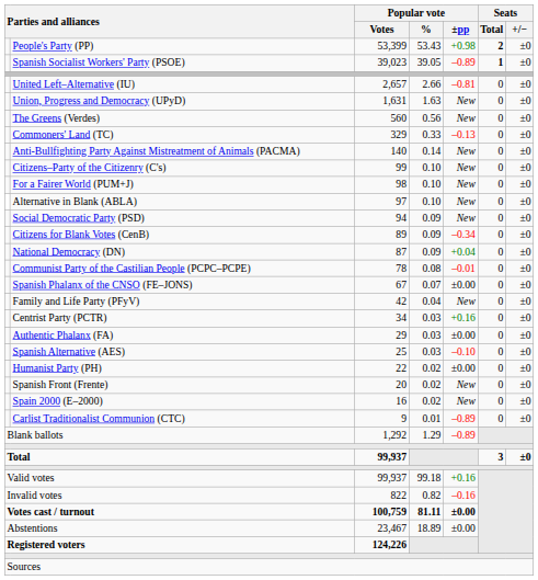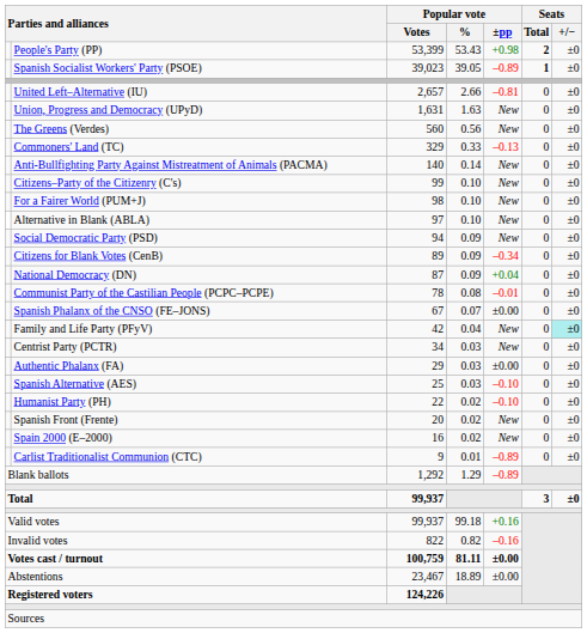 <table class="wikitable" style="text-align:right;">
 <tr>
 <th style="text-align:left;" rowspan="2" colspan="2" width="525">Parties and alliances</th>
 <th colspan="3">Popular vote</th>
 <th colspan="2">Seats</th>
 </tr>
 <tr>
 <th width="75">Votes</th>
 <th width="45">%</th>
 <th width="45">±<a href='#'>pp</a></th>
 <th width="35">Total</th>
 <th width="35">+/−</th>
 </tr>
 <tr>
 <td width="1" style="color:inherit;background:"></td>
 <td align="left"><a href='#'>People's Party</a> (PP)</td>
 <td>53,399</td>
 <td>53.43</td>
 <td style="color:green;">+0.98</td>
 <td><strong>2</strong></td>
 <td>±0</td>
 </tr>
 <tr>
 <td style="color:inherit;background:"></td>
 <td align="left"><a href='#'>Spanish Socialist Workers' Party</a> (PSOE)</td>
 <td>39,023</td>
 <td>39.05</td>
 <td style="color:red;">–0.89</td>
 <td><strong>1</strong></td>
 <td>±0</td>
 </tr>
 <tr>
 <td colspan="7" bgcolor="#C0C0C0"></td>
 </tr>
 <tr>
 <td style="color:inherit;background:"></td>
 <td align="left"><a href='#'>United Left–Alternative</a> (IU)</td>
 <td>2,657</td>
 <td>2.66</td>
 <td style="color:red;">–0.81</td>
 <td>0</td>
 <td>±0</td>
 </tr>
 <tr>
 <td style="color:inherit;background:"></td>
 <td align="left"><a href='#'>Union, Progress and Democracy</a> (UPyD)</td>
 <td>1,631</td>
 <td>1.63</td>
 <td><em>New</em></td>
 <td>0</td>
 <td>±0</td>
 </tr>
 <tr>
 <td style="color:inherit;background:"></td>
 <td align="left"><a href='#'>The Greens</a> (Verdes)</td>
 <td>560</td>
 <td>0.56</td>
 <td><em>New</em></td>
 <td>0</td>
 <td>±0</td>
 </tr>
 <tr>
 <td style="color:inherit;background:"></td>
 <td align="left"><a href='#'>Commoners' Land</a> (TC)</td>
 <td>329</td>
 <td>0.33</td>
 <td style="color:red;">–0.13</td>
 <td>0</td>
 <td>±0</td>
 </tr>
 <tr>
 <td style="color:inherit;background:"></td>
 <td align="left"><a href='#'>Anti-Bullfighting Party Against Mistreatment of Animals</a> (PACMA)</td>
 <td>140</td>
 <td>0.14</td>
 <td><em>New</em></td>
 <td>0</td>
 <td>±0</td>
 </tr>
 <tr>
 <td style="color:inherit;background:"></td>
 <td align="left"><a href='#'>Citizens–Party of the Citizenry</a> (C's)</td>
 <td>99</td>
 <td>0.10</td>
 <td><em>New</em></td>
 <td>0</td>
 <td>±0</td>
 </tr>
 <tr>
 <td style="color:inherit;background:"></td>
 <td align="left"><a href='#'>For a Fairer World</a> (PUM+J)</td>
 <td>98</td>
 <td>0.10</td>
 <td><em>New</em></td>
 <td>0</td>
 <td>±0</td>
 </tr>
 <tr>
 <td bgcolor="white"></td>
 <td align="left">Alternative in Blank (ABLA)</td>
 <td>97</td>
 <td>0.10</td>
 <td><em>New</em></td>
 <td>0</td>
 <td>±0</td>
 </tr>
 <tr>
 <td style="color:inherit;background:"></td>
 <td align="left"><a href='#'>Social Democratic Party</a> (PSD)</td>
 <td>94</td>
 <td>0.09</td>
 <td><em>New</em></td>
 <td>0</td>
 <td>±0</td>
 </tr>
 <tr>
 <td style="color:inherit;background:"></td>
 <td align="left"><a href='#'>Citizens for Blank Votes</a> (CenB)</td>
 <td>89</td>
 <td>0.09</td>
 <td style="color:red;">–0.34</td>
 <td>0</td>
 <td>±0</td>
 </tr>
 <tr>
 <td style="color:inherit;background:"></td>
 <td align="left"><a href='#'>National Democracy</a> (DN)</td>
 <td>87</td>
 <td>0.09</td>
 <td style="color:green;">+0.04</td>
 <td>0</td>
 <td>±0</td>
 </tr>
 <tr>
 <td style="color:inherit;background:"></td>
 <td align="left"><a href='#'>Communist Party of the Castilian People</a> (PCPC–PCPE)</td>
 <td>78</td>
 <td>0.08</td>
 <td style="color:red;">–0.01</td>
 <td>0</td>
 <td>±0</td>
 </tr>
 <tr>
 <td style="color:inherit;background:"></td>
 <td align="left"><a href='#'>Spanish Phalanx of the CNSO</a> (FE–JONS)</td>
 <td>67</td>
 <td>0.07</td>
 <td>±0.00</td>
 <td>0</td>
 <td>±0</td>
 </tr>
 <tr>
 <td style="color:inherit;background:"></td>
 <td align="left">Family and Life Party (PFyV)</td>
 <td>42</td>
 <td>0.04</td>
 <td><em>New</em></td>
 <td>0</td>
-<td>±0</td>
+<td style="background: paleturquoise;">±0</td>
 </tr>
 <tr>
 <td style="color:inherit;background:"></td>
 <td align="left">Centrist Party (PCTR)</td>
 <td>34</td>
 <td>0.03</td>
-<td style="color:green;">+0.16</td>
+<td><em>New</em></td>
 <td>0</td>
 <td>±0</td>
 </tr>
 <tr>
 <td style="color:inherit;background:"></td>
 <td align="left"><a href='#'>Authentic Phalanx</a> (FA)</td>
 <td>29</td>
 <td>0.03</td>
 <td>±0.00</td>
 <td>0</td>
 <td>±0</td>
 </tr>
 <tr>
 <td style="color:inherit;background:"></td>
 <td align="left"><a href='#'>Spanish Alternative</a> (AES)</td>
 <td>25</td>
 <td>0.03</td>
 <td style="color:red;">–0.10</td>
 <td>0</td>
 <td>±0</td>
 </tr>
 <tr>
 <td style="color:inherit;background:"></td>
 <td align="left"><a href='#'>Humanist Party</a> (PH)</td>
 <td>22</td>
 <td>0.02</td>
-<td>±0.00</td>
+<td style="color:red;">–0.10</td>
 <td>0</td>
 <td>±0</td>
 </tr>
 <tr>
 <td style="color:inherit;background:"></td>
 <td align="left">Spanish Front (Frente)</td>
 <td>20</td>
 <td>0.02</td>
 <td><em>New</em></td>
 <td>0</td>
 <td>±0</td>
 </tr>
 <tr>
 <td style="color:inherit;background:"></td>
 <td align="left"><a href='#'>Spain 2000</a> (E–2000)</td>
 <td>16</td>
 <td>0.02</td>
 <td><em>New</em></td>
 <td>0</td>
 <td>±0</td>
 </tr>
 <tr>
 <td style="color:inherit;background:"></td>
 <td align="left"><a href='#'>Carlist Traditionalist Communion</a> (CTC)</td>
 <td>9</td>
 <td>0.01</td>
 <td style="color:red;">–0.89</td>
 <td>0</td>
 <td>±0</td>
 </tr>
 <tr>
 <td align="left" colspan="2">Blank ballots</td>
 <td>1,292</td>
 <td>1.29</td>
 <td style="color:red;">–0.89</td>
 <td bgcolor="#E9E9E9" colspan="2"></td>
 </tr>
 <tr>
 <td colspan="7" bgcolor="#E9E9E9"></td>
 </tr>
 <tr style="font-weight:bold;">
 <td align="left" colspan="2">Total</td>
 <td>99,937</td>
 <td bgcolor="#E9E9E9" colspan="2"></td>
 <td>3</td>
 <td>±0</td>
 </tr>
 <tr>
 <td colspan="7" bgcolor="#E9E9E9"></td>
 </tr>
 <tr>
 <td align="left" colspan="2">Valid votes</td>
 <td>99,937</td>
 <td>99.18</td>
 <td style="color:green;">+0.16</td>
 <td bgcolor="#E9E9E9" colspan="2" rowspan="5"></td>
 </tr>
 <tr>
 <td align="left" colspan="2">Invalid votes</td>
 <td>822</td>
 <td>0.82</td>
 <td style="color:red;">–0.16</td>
 </tr>
 <tr style="font-weight:bold;">
 <td align="left" colspan="2">Votes cast / turnout</td>
 <td>100,759</td>
 <td>81.11</td>
 <td>±0.00</td>
 </tr>
 <tr>
 <td align="left" colspan="2">Abstentions</td>
 <td>23,467</td>
 <td>18.89</td>
 <td>±0.00</td>
 </tr>
 <tr style="font-weight:bold;">
 <td align="left" colspan="2">Registered voters</td>
 <td>124,226</td>
 <td bgcolor="#E9E9E9" colspan="2"></td>
 </tr>
 <tr>
 <td colspan="7" bgcolor="#E9E9E9"></td>
 </tr>
 <tr>
 <td align="left" colspan="7">Sources</td>
 </tr>
 </table>
